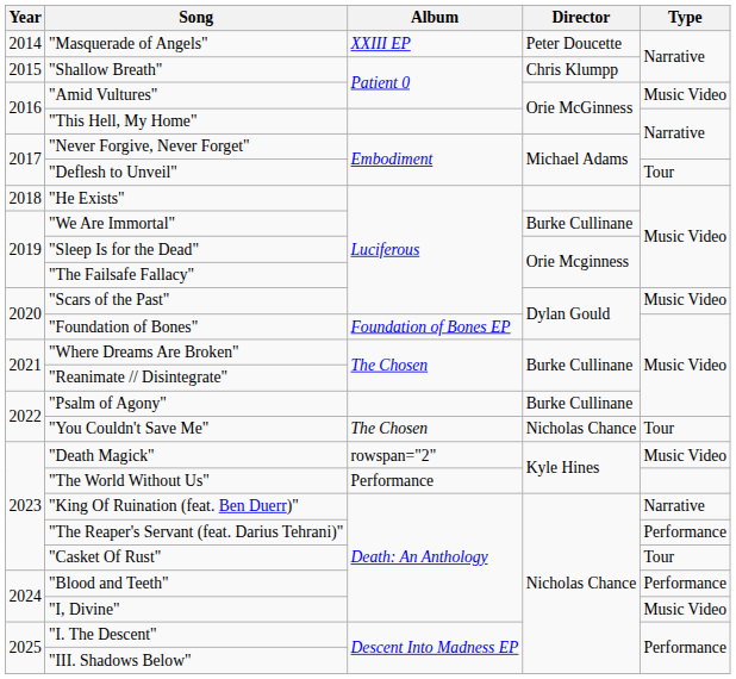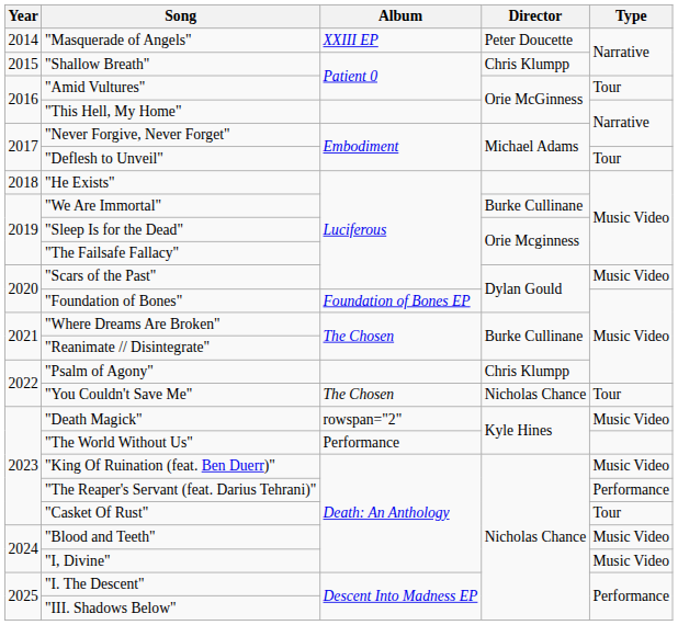 <table class="wikitable">
 <tr>
 <th>Year</th>
 <th>Song</th>
 <th>Album</th>
 <th>Director</th>
 <th>Type</th>
 </tr>
 <tr>
 <td>2014</td>
 <td>"Masquerade of Angels"</td>
 <td><em><a href='#'>XXIII EP</a></em></td>
 <td>Peter Doucette</td>
 <td rowspan="2">Narrative</td>
 </tr>
 <tr>
 <td>2015</td>
 <td>"Shallow Breath"</td>
 <td rowspan="2"><em><a href='#'>Patient 0</a></em></td>
 <td>Chris Klumpp</td>
 </tr>
 <tr>
 <td rowspan="2">2016</td>
 <td>"Amid Vultures"</td>
 <td rowspan="2">Orie McGinness</td>
-<td>Music Video</td>
+<td>Tour</td>
 </tr>
 <tr>
 <td>"This Hell, My Home"</td>
 <td></td>
 <td rowspan="2">Narrative</td>
 </tr>
 <tr>
 <td rowspan="2">2017</td>
 <td>"Never Forgive, Never Forget"</td>
 <td rowspan="2"><em><a href='#'>Embodiment</a></em></td>
 <td rowspan="2">Michael Adams</td>
 </tr>
 <tr>
 <td>"Deflesh to Unveil"</td>
 <td>Tour</td>
 </tr>
 <tr>
 <td>2018</td>
 <td>"He Exists"</td>
 <td rowspan="5"><em><a href='#'>Luciferous</a></em></td>
 <td></td>
 <td rowspan="4">Music Video</td>
 </tr>
 <tr>
 <td rowspan="3">2019</td>
 <td>"We Are Immortal"</td>
 <td>Burke Cullinane</td>
 </tr>
 <tr>
 <td>"Sleep Is for the Dead"</td>
 <td rowspan="2">Orie Mcginness</td>
 </tr>
 <tr>
 <td>"The Failsafe Fallacy"</td>
 </tr>
 <tr>
 <td rowspan="2">2020</td>
 <td>"Scars of the Past"</td>
 <td rowspan="2">Dylan Gould</td>
 <td>Music Video</td>
 </tr>
 <tr>
 <td>"Foundation of Bones"</td>
 <td><em><a href='#'>Foundation of Bones EP</a></em></td>
 <td rowspan="4">Music Video</td>
 </tr>
 <tr>
 <td rowspan="2">2021</td>
 <td>"Where Dreams Are Broken"</td>
 <td rowspan="2"><em><a href='#'>The Chosen</a></em></td>
 <td rowspan="2">Burke Cullinane</td>
 </tr>
 <tr>
 <td>"Reanimate // Disintegrate"</td>
 </tr>
 <tr>
 <td rowspan="2">2022</td>
 <td>"Psalm of Agony"</td>
 <td></td>
-<td>Burke Cullinane</td>
+<td>Chris Klumpp</td>
 </tr>
 <tr>
 <td>"You Couldn't Save Me"</td>
 <td><em>The Chosen</em></td>
 <td>Nicholas Chance</td>
 <td>Tour</td>
 </tr>
 <tr>
 <td rowspan="5">2023</td>
 <td>"Death Magick"</td>
 <td>rowspan="2" </td>
 <td rowspan="2">Kyle Hines</td>
 <td>Music Video</td>
 </tr>
 <tr>
 <td>"The World Without Us"</td>
 <td>Performance</td>
 </tr>
 <tr>
 <td>"King Of Ruination (feat. <a href='#'>Ben Duerr</a>)"</td>
 <td rowspan="5"><em><a href='#'>Death: An Anthology</a></em></td>
 <td rowspan="7">Nicholas Chance</td>
-<td>Narrative</td>
+<td>Music Video</td>
 </tr>
 <tr>
 <td>"The Reaper's Servant (feat. Darius Tehrani)"</td>
 <td>Performance</td>
 </tr>
 <tr>
 <td>"Casket Of Rust"</td>
 <td>Tour</td>
 </tr>
 <tr>
 <td rowspan="2">2024</td>
 <td>"Blood and Teeth"</td>
-<td>Performance</td>
+<td>Music Video</td>
 </tr>
 <tr>
 <td>"I, Divine"</td>
 <td>Music Video</td>
 </tr>
 <tr>
 <td rowspan="2">2025</td>
 <td>"I. The Descent"</td>
 <td rowspan="2"><em><a href='#'>Descent Into Madness EP</a></em></td>
 <td rowspan="2">Performance</td>
 </tr>
 <tr>
 <td>"III. Shadows Below"</td>
 </tr>
 </table>
